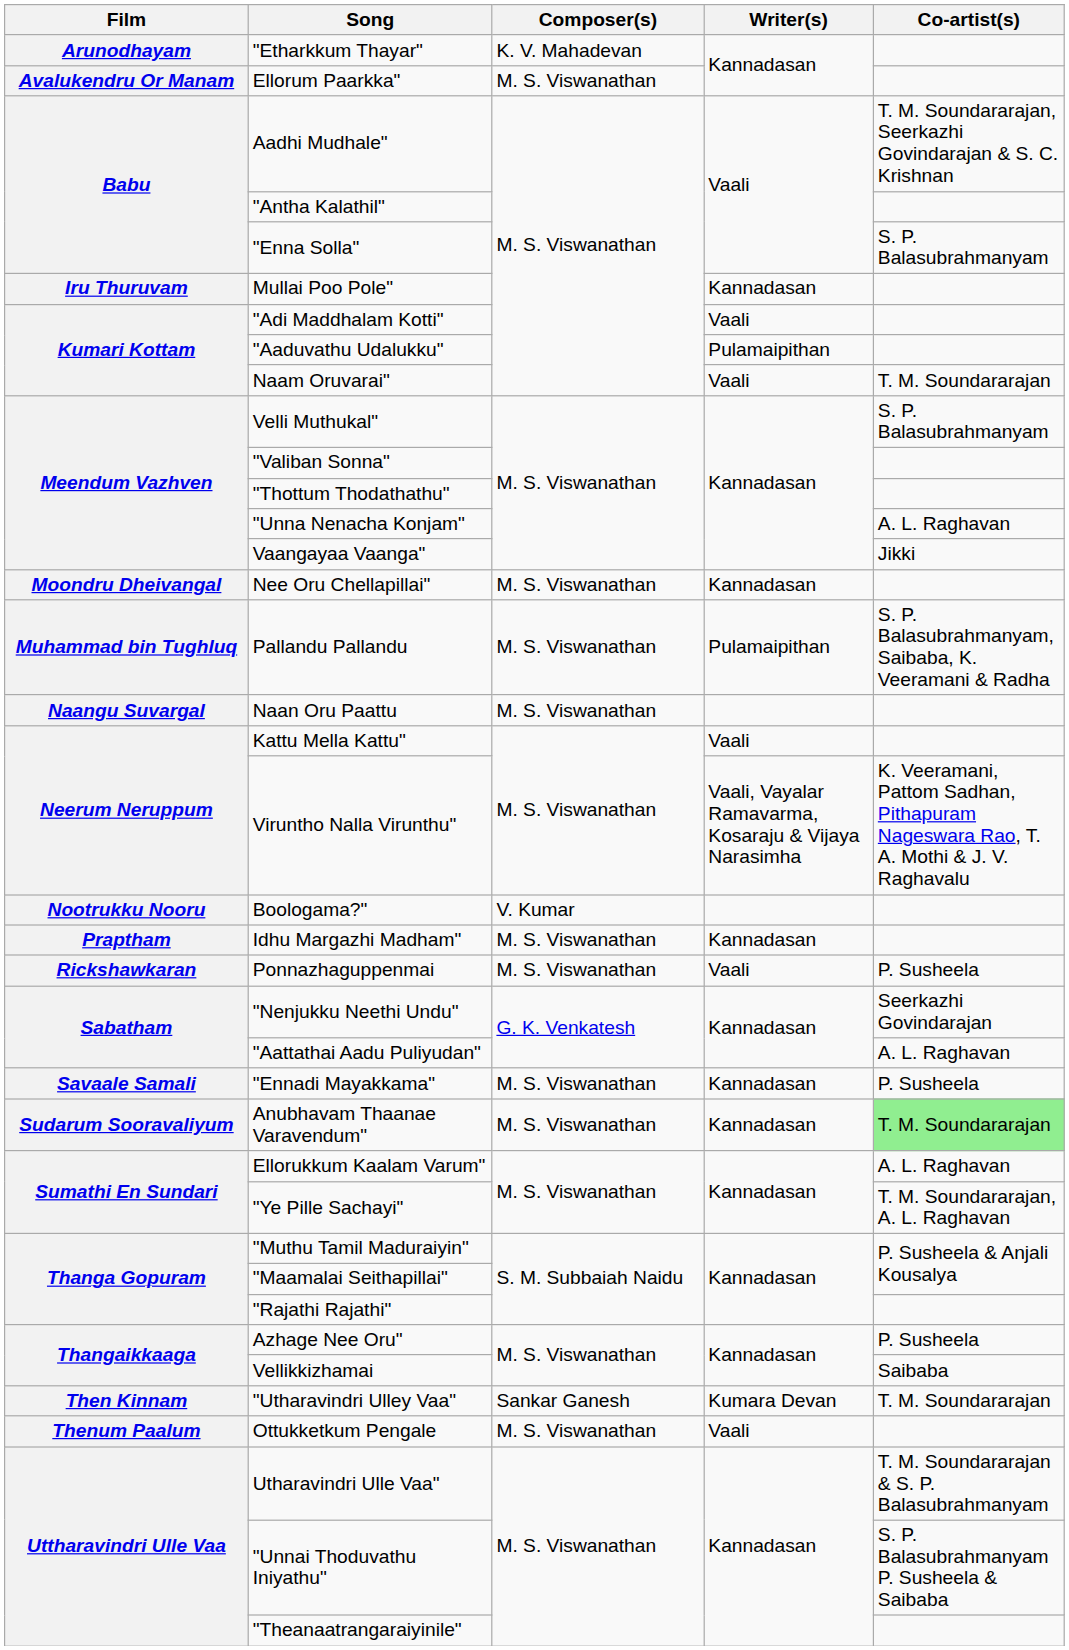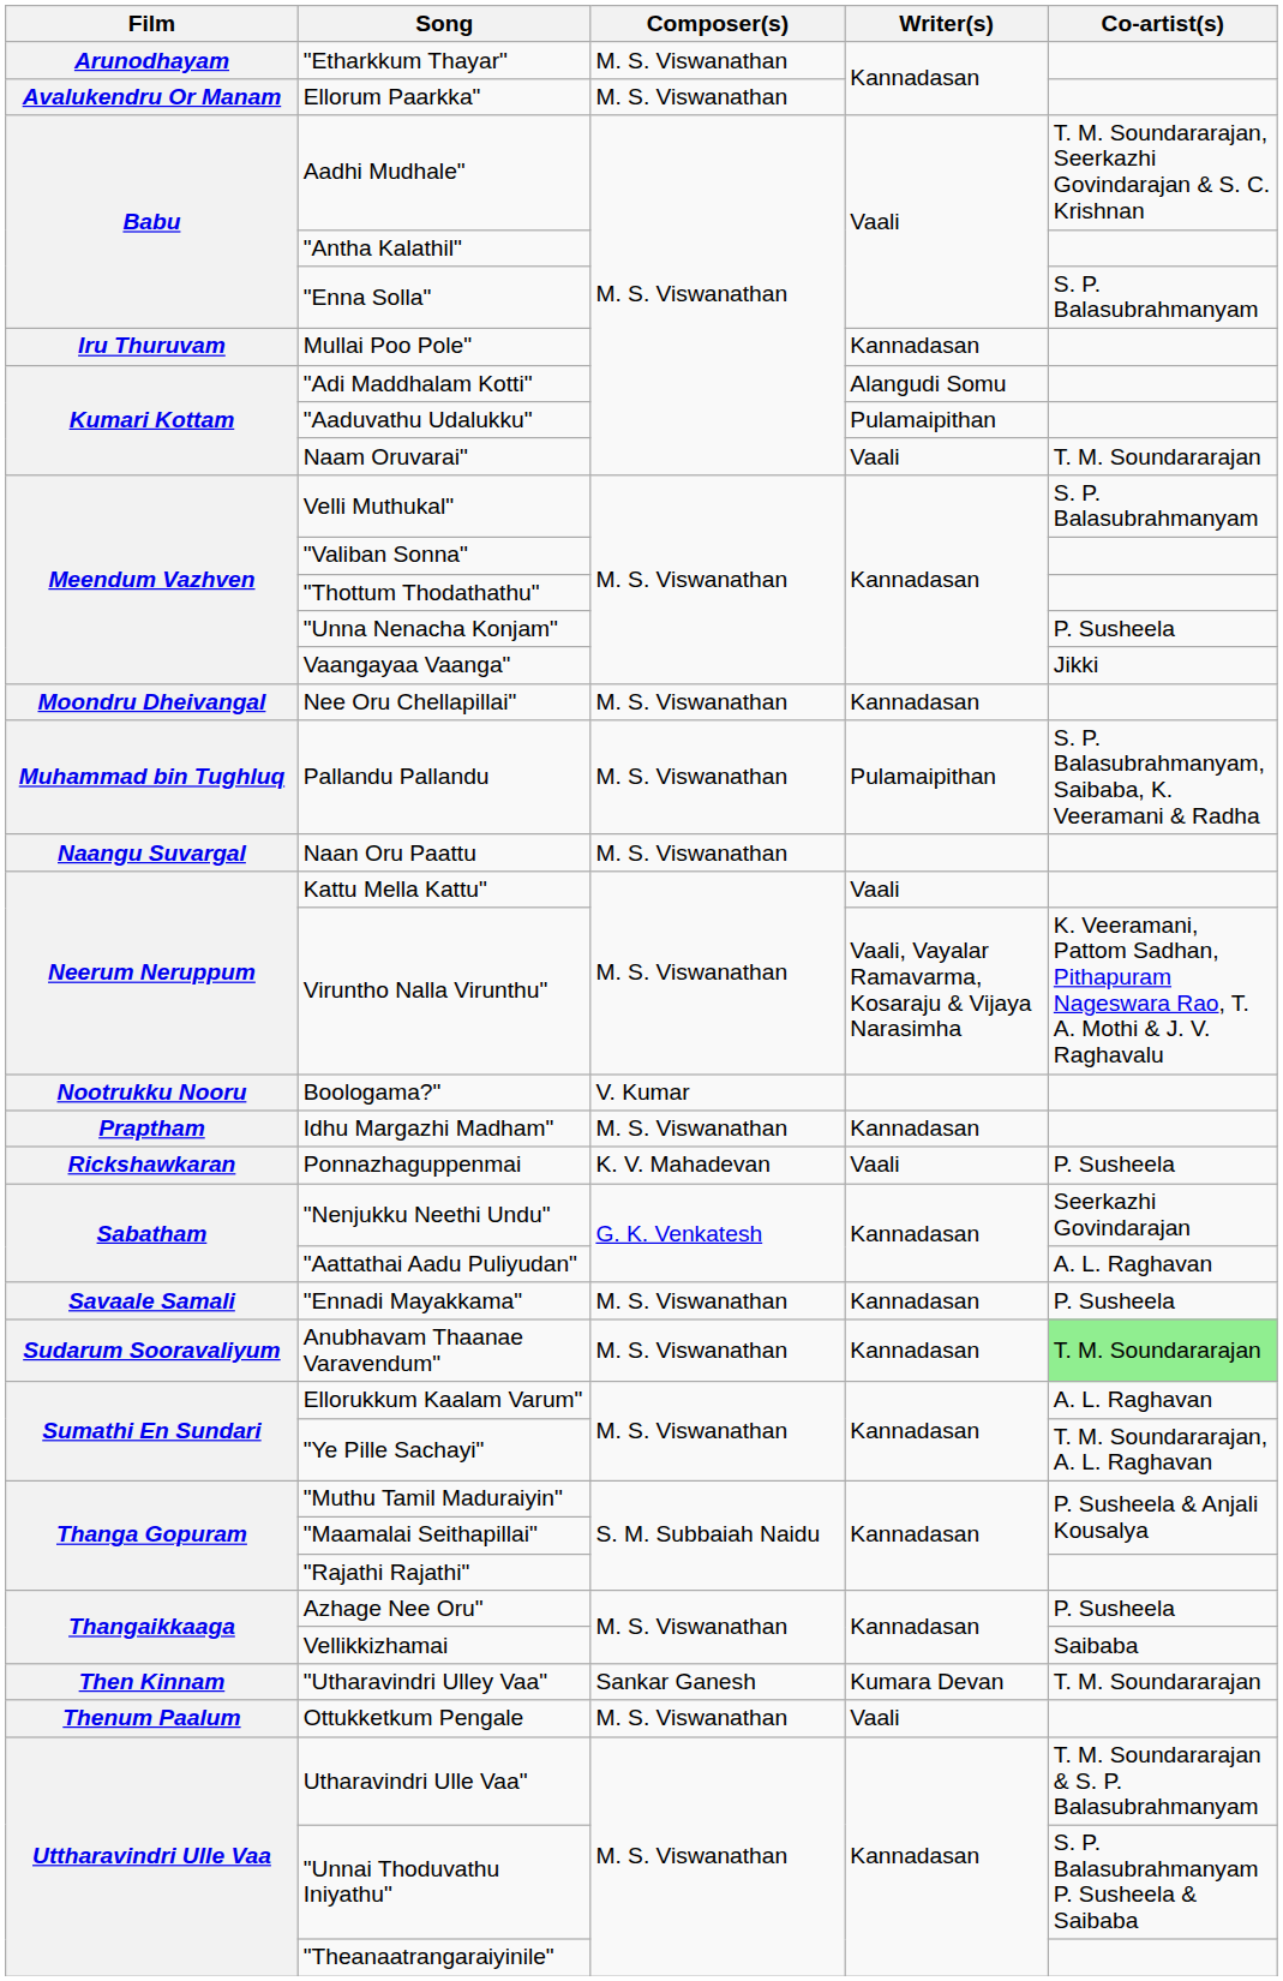 <table class="wikitable plainrowheaders" width="100%" textcolor:#000;">
 <tr style="background:#b0e0e66;">
 <th scope="col" width=23%><strong>Film</strong></th>
 <th scope="col" width=23%><strong>Song</strong></th>
 <th scope="col" width=20%><strong>Composer(s)</strong></th>
 <th scope="col" width=16%><strong>Writer(s)</strong></th>
 <th scope="col" width=18%><strong>Co-artist(s)</strong></th>
 </tr>
 <tr>
 <th><em><a href='#'>Arunodhayam</a></em></th>
 <td>"Etharkkum Thayar"</td>
-<td>K. V. Mahadevan</td>
+<td>M. S. Viswanathan</td>
 <td Rowspan=2>Kannadasan</td>
 <td></td>
 </tr>
 <tr>
 <th><em><a href='#'>Avalukendru Or Manam</a></em></th>
 <td>Ellorum Paarkka"</td>
 <td>M. S. Viswanathan</td>
 <td></td>
 </tr>
 <tr>
 <th Rowspan="3"><em><a href='#'>Babu</a></em></th>
 <td>Aadhi Mudhale"</td>
 <td rowspan="7">M. S. Viswanathan</td>
 <td rowspan="3">Vaali</td>
 <td>T. M. Soundararajan, Seerkazhi Govindarajan & S. C. Krishnan</td>
 </tr>
 <tr>
 <td>"Antha Kalathil"</td>
 <td></td>
 </tr>
 <tr>
 <td>"Enna Solla"</td>
 <td>S. P. Balasubrahmanyam</td>
 </tr>
 <tr>
 <th><em><a href='#'>Iru Thuruvam</a></em></th>
 <td>Mullai Poo Pole"</td>
 <td>Kannadasan</td>
 <td></td>
 </tr>
 <tr>
 <th rowspan="3"><em><a href='#'>Kumari Kottam</a></em></th>
 <td>"Adi Maddhalam Kotti"</td>
-<td>Vaali</td>
+<td>Alangudi Somu</td>
 <td></td>
 </tr>
 <tr>
 <td>"Aaduvathu Udalukku"</td>
 <td>Pulamaipithan</td>
 <td></td>
 </tr>
 <tr>
 <td>Naam Oruvarai"</td>
 <td>Vaali</td>
 <td>T. M. Soundararajan</td>
 </tr>
 <tr>
 <th Rowspan="5"><em><a href='#'>Meendum Vazhven</a></em></th>
 <td>Velli Muthukal"</td>
 <td rowspan="5">M. S. Viswanathan</td>
 <td rowspan="5">Kannadasan</td>
 <td>S. P. Balasubrahmanyam</td>
 </tr>
 <tr>
 <td>"Valiban Sonna"</td>
 <td></td>
 </tr>
 <tr>
 <td>"Thottum Thodathathu"</td>
 <td></td>
 </tr>
 <tr>
 <td>"Unna Nenacha Konjam"</td>
-<td>A. L. Raghavan</td>
+<td>P. Susheela</td>
 </tr>
 <tr>
 <td>Vaangayaa Vaanga"</td>
 <td>Jikki</td>
 </tr>
 <tr>
 <th><em><a href='#'>Moondru Dheivangal</a></em></th>
 <td>Nee Oru Chellapillai"</td>
 <td>M. S. Viswanathan</td>
 <td>Kannadasan</td>
 <td></td>
 </tr>
 <tr>
 <th><em><a href='#'>Muhammad bin Tughluq</a></em></th>
 <td>Pallandu Pallandu</td>
 <td>M. S. Viswanathan</td>
 <td>Pulamaipithan</td>
 <td>S. P. Balasubrahmanyam, Saibaba, K. Veeramani & Radha</td>
 </tr>
 <tr>
 <th><em><a href='#'>Naangu Suvargal</a></em></th>
 <td>Naan Oru Paattu</td>
 <td>M. S. Viswanathan</td>
 <td></td>
 <td></td>
 </tr>
 <tr>
 <th Rowspan="2"><em><a href='#'>Neerum Neruppum</a></em></th>
 <td>Kattu Mella Kattu"</td>
 <td rowspan="2">M. S. Viswanathan</td>
 <td>Vaali</td>
 <td></td>
 </tr>
 <tr>
 <td>Viruntho Nalla Virunthu"</td>
 <td>Vaali, Vayalar Ramavarma, Kosaraju & Vijaya Narasimha</td>
 <td>K. Veeramani, Pattom Sadhan, <a href='#'>Pithapuram Nageswara Rao</a>, T. A. Mothi & J. V. Raghavalu</td>
 </tr>
 <tr>
 <th><em><a href='#'>Nootrukku Nooru</a></em></th>
 <td>Boologama?"</td>
 <td>V. Kumar</td>
 <td></td>
 <td></td>
 </tr>
 <tr>
 <th><em><a href='#'>Praptham</a></em></th>
 <td>Idhu Margazhi Madham"</td>
 <td>M. S. Viswanathan</td>
 <td>Kannadasan</td>
 <td></td>
 </tr>
 <tr>
 <th><em><a href='#'>Rickshawkaran</a></em></th>
 <td>Ponnazhaguppenmai</td>
-<td>M. S. Viswanathan</td>
+<td>K. V. Mahadevan</td>
 <td>Vaali</td>
 <td>P. Susheela</td>
 </tr>
 <tr>
 <th Rowspan="2"><em><a href='#'>Sabatham</a></em></th>
 <td>"Nenjukku Neethi Undu"</td>
 <td rowspan="2"><a href='#'>G. K. Venkatesh</a></td>
 <td Rowspan="2">Kannadasan</td>
 <td>Seerkazhi Govindarajan</td>
 </tr>
 <tr>
 <td>"Aattathai Aadu Puliyudan"</td>
 <td>A. L. Raghavan</td>
 </tr>
 <tr>
 <th><em><a href='#'>Savaale Samali</a></em></th>
 <td>"Ennadi Mayakkama"</td>
 <td>M. S. Viswanathan</td>
 <td>Kannadasan</td>
 <td>P. Susheela</td>
 </tr>
 <tr>
 <th><em><a href='#'>Sudarum Sooravaliyum</a></em></th>
 <td>Anubhavam Thaanae Varavendum"</td>
 <td>M. S. Viswanathan</td>
 <td>Kannadasan</td>
 <td style="background: lightgreen;">T. M. Soundararajan</td>
 </tr>
 <tr>
 <th rowspan="2"><em><a href='#'>Sumathi En Sundari</a></em></th>
 <td>Ellorukkum Kaalam Varum"</td>
 <td rowspan="2">M. S. Viswanathan</td>
 <td rowspan="2">Kannadasan</td>
 <td>A. L. Raghavan</td>
 </tr>
 <tr>
 <td>"Ye Pille Sachayi"</td>
 <td>T. M. Soundararajan, A. L. Raghavan</td>
 </tr>
 <tr>
 <th Rowspan="3"><em><a href='#'>Thanga Gopuram</a></em></th>
 <td>"Muthu Tamil Maduraiyin"</td>
 <td rowspan="3">S. M. Subbaiah Naidu</td>
 <td rowspan="3">Kannadasan</td>
 <td rowspan="2">P. Susheela & Anjali Kousalya</td>
 </tr>
 <tr>
 <td>"Maamalai Seithapillai"</td>
 </tr>
 <tr>
 <td>"Rajathi Rajathi"</td>
 <td></td>
 </tr>
 <tr>
 <th rowspan="2"><em><a href='#'>Thangaikkaaga</a></em></th>
 <td>Azhage Nee Oru"</td>
 <td rowspan="2">M. S. Viswanathan</td>
 <td rowspan="2">Kannadasan</td>
 <td>P. Susheela</td>
 </tr>
 <tr>
 <td>Vellikkizhamai</td>
 <td>Saibaba</td>
 </tr>
 <tr>
 <th><em><a href='#'>Then Kinnam</a></em></th>
 <td>"Utharavindri Ulley Vaa"</td>
 <td>Sankar Ganesh</td>
 <td>Kumara Devan</td>
 <td>T. M. Soundararajan</td>
 </tr>
 <tr>
 <th><em><a href='#'>Thenum Paalum</a></em></th>
 <td>Ottukketkum Pengale</td>
 <td>M. S. Viswanathan</td>
 <td>Vaali</td>
 <td></td>
 </tr>
 <tr>
 <th Rowspan="3"><em><a href='#'>Uttharavindri Ulle Vaa</a></em></th>
 <td>Utharavindri Ulle Vaa"</td>
 <td rowspan="3">M. S. Viswanathan</td>
 <td Rowspan="3">Kannadasan</td>
 <td>T. M. Soundararajan & S. P. Balasubrahmanyam</td>
 </tr>
 <tr>
 <td>"Unnai Thoduvathu Iniyathu"</td>
 <td>S. P. Balasubrahmanyam P. Susheela & Saibaba</td>
 </tr>
 <tr>
 <td>"Theanaatrangaraiyinile"</td>
 <td></td>
 </tr>
 </table>
